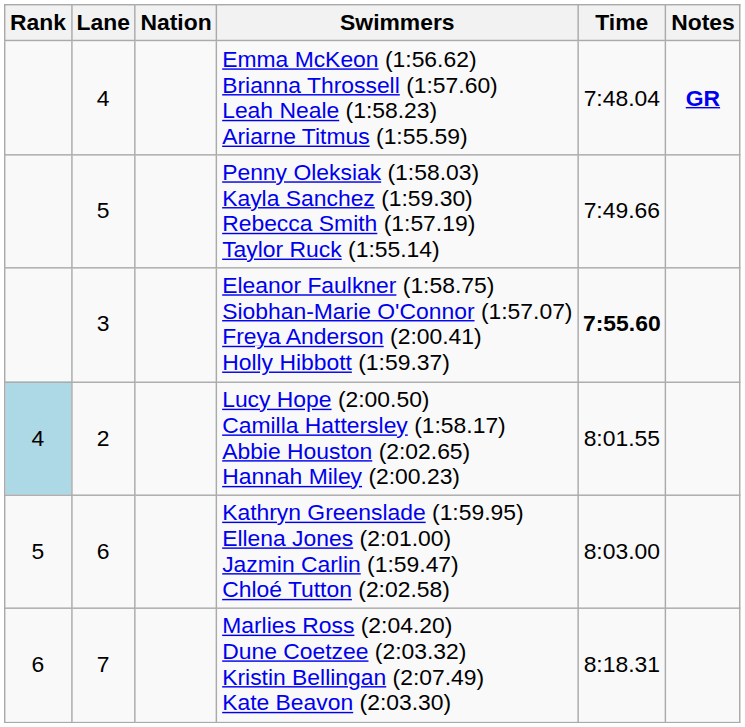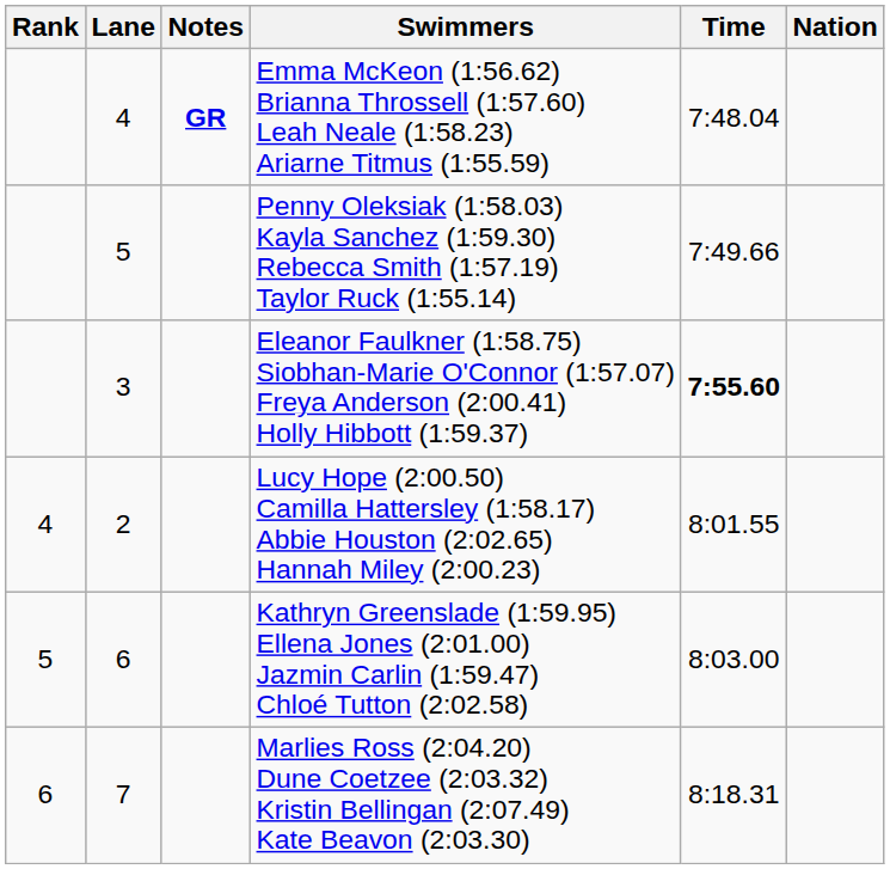 <table class="wikitable sortable" style="text-align:center">
 <tr>
 <th>Rank</th>
 <th>Lane</th>
-<th>Nation</th>
+<th>Notes</th>
 <th>Swimmers</th>
 <th>Time</th>
-<th>Notes</th>
+<th>Nation</th>
 </tr>
 <tr>
 <td></td>
 <td>4</td>
-<td align=left></td>
+<td><strong><a href='#'>GR</a></strong></td>
 <td align=left><a href='#'>Emma McKeon</a> (1:56.62)<br><a href='#'>Brianna Throssell</a> (1:57.60)<br><a href='#'>Leah Neale</a> (1:58.23)<br><a href='#'>Ariarne Titmus</a> (1:55.59)</td>
 <td>7:48.04</td>
-<td><strong><a href='#'>GR</a></strong></td>
+<td align=left></td>
 </tr>
 <tr>
 <td></td>
 <td>5</td>
-<td align=left></td>
+<td></td>
 <td align=left><a href='#'>Penny Oleksiak</a> (1:58.03)<br><a href='#'>Kayla Sanchez</a> (1:59.30)<br><a href='#'>Rebecca Smith</a> (1:57.19)<br><a href='#'>Taylor Ruck</a> (1:55.14)</td>
 <td>7:49.66</td>
-<td></td>
+<td align=left></td>
 </tr>
 <tr>
 <td></td>
 <td>3</td>
-<td align=left></td>
+<td></td>
 <td align=left><a href='#'>Eleanor Faulkner</a> (1:58.75)<br><a href='#'>Siobhan-Marie O'Connor</a> (1:57.07)<br><a href='#'>Freya Anderson</a> (2:00.41)<br><a href='#'>Holly Hibbott</a> (1:59.37)</td>
 <td><strong>7:55.60</strong></td>
-<td></td>
+<td align=left></td>
 </tr>
 <tr>
-<td style="background: lightblue;">4</td>
+<td>4</td>
 <td>2</td>
-<td align=left></td>
+<td></td>
 <td align=left><a href='#'>Lucy Hope</a> (2:00.50)<br><a href='#'>Camilla Hattersley</a> (1:58.17)<br><a href='#'>Abbie Houston</a> (2:02.65)<br><a href='#'>Hannah Miley</a> (2:00.23)</td>
 <td>8:01.55</td>
-<td></td>
+<td align=left></td>
 </tr>
 <tr>
 <td>5</td>
 <td>6</td>
-<td align=left></td>
+<td></td>
 <td align=left><a href='#'>Kathryn Greenslade</a> (1:59.95)<br><a href='#'>Ellena Jones</a> (2:01.00)<br><a href='#'>Jazmin Carlin</a> (1:59.47)<br><a href='#'>Chloé Tutton</a> (2:02.58)</td>
 <td>8:03.00</td>
-<td></td>
+<td align=left></td>
 </tr>
 <tr>
 <td>6</td>
 <td>7</td>
-<td align=left></td>
+<td></td>
 <td align=left><a href='#'>Marlies Ross</a> (2:04.20)<br><a href='#'>Dune Coetzee</a> (2:03.32)<br><a href='#'>Kristin Bellingan</a> (2:07.49)<br><a href='#'>Kate Beavon</a> (2:03.30)</td>
 <td>8:18.31</td>
-<td></td>
+<td align=left></td>
 </tr>
 </table>
